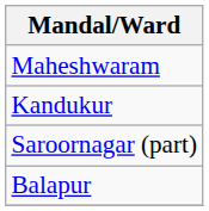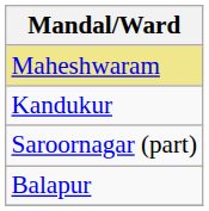 <table class="wikitable sortable static-row-numbers static-row-header-hash">
 <tr>
 <th>Mandal/Ward</th>
 </tr>
 <tr>
-<td><a href='#'>Maheshwaram</a></td>
+<td style="background: khaki;"><a href='#'>Maheshwaram</a></td>
 </tr>
 <tr>
 <td><a href='#'>Kandukur</a></td>
 </tr>
 <tr>
 <td><a href='#'>Saroornagar</a> (part)</td>
 </tr>
 <tr>
 <td><a href='#'>Balapur</a></td>
 </tr>
 <tr>
 </tr>
 </table>
